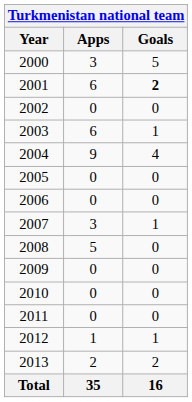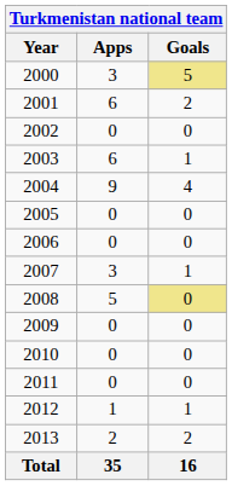 <table class="wikitable" style="text-align:center">
 <tr>
 <th colspan=3><a href='#'>Turkmenistan national team</a></th>
 </tr>
 <tr>
 <th>Year</th>
 <th>Apps</th>
 <th>Goals</th>
 </tr>
 <tr>
 <td>2000</td>
 <td>3</td>
-<td>5</td>
+<td style="background: khaki;">5</td>
 </tr>
 <tr>
 <td>2001</td>
 <td>6</td>
-<td><strong>2</strong></td>
+<td>2</td>
 </tr>
 <tr>
 <td>2002</td>
 <td>0</td>
 <td>0</td>
 </tr>
 <tr>
 <td>2003</td>
 <td>6</td>
 <td>1</td>
 </tr>
 <tr>
 <td>2004</td>
 <td>9</td>
 <td>4</td>
 </tr>
 <tr>
 <td>2005</td>
 <td>0</td>
 <td>0</td>
 </tr>
 <tr>
 <td>2006</td>
 <td>0</td>
 <td>0</td>
 </tr>
 <tr>
 <td>2007</td>
 <td>3</td>
 <td>1</td>
 </tr>
 <tr>
 <td>2008</td>
 <td>5</td>
-<td>0</td>
+<td style="background: khaki;">0</td>
 </tr>
 <tr>
 <td>2009</td>
 <td>0</td>
 <td>0</td>
 </tr>
 <tr>
 <td>2010</td>
 <td>0</td>
 <td>0</td>
 </tr>
 <tr>
 <td>2011</td>
 <td>0</td>
 <td>0</td>
 </tr>
 <tr>
 <td>2012</td>
 <td>1</td>
 <td>1</td>
 </tr>
 <tr>
 <td>2013</td>
 <td>2</td>
 <td>2</td>
 </tr>
 <tr>
 <th>Total</th>
 <th>35</th>
 <th>16</th>
 </tr>
 </table>
